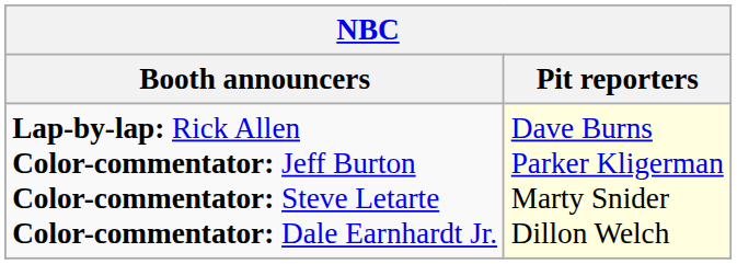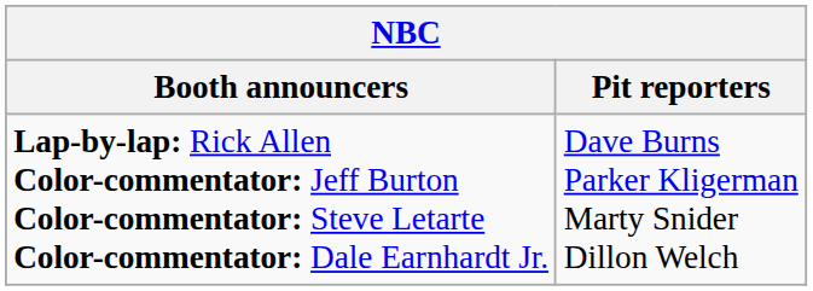 <table class="wikitable" style="font-size: 95%;">
 <tr>
 <th colspan="2"><a href='#'>NBC</a></th>
 </tr>
 <tr>
 <th>Booth announcers</th>
 <th>Pit reporters</th>
 </tr>
 <tr>
 <td><strong>Lap-by-lap:</strong> <a href='#'>Rick Allen</a><br><strong>Color-commentator:</strong> <a href='#'>Jeff Burton</a><br><strong>Color-commentator:</strong> <a href='#'>Steve Letarte</a><br><strong>Color-commentator:</strong> <a href='#'>Dale Earnhardt Jr.</a></td>
-<td style="background: lightyellow;"><a href='#'>Dave Burns</a><br><a href='#'>Parker Kligerman</a><br>Marty Snider<br>Dillon Welch</td>
+<td><a href='#'>Dave Burns</a><br><a href='#'>Parker Kligerman</a><br>Marty Snider<br>Dillon Welch</td>
 </tr>
 </table>
